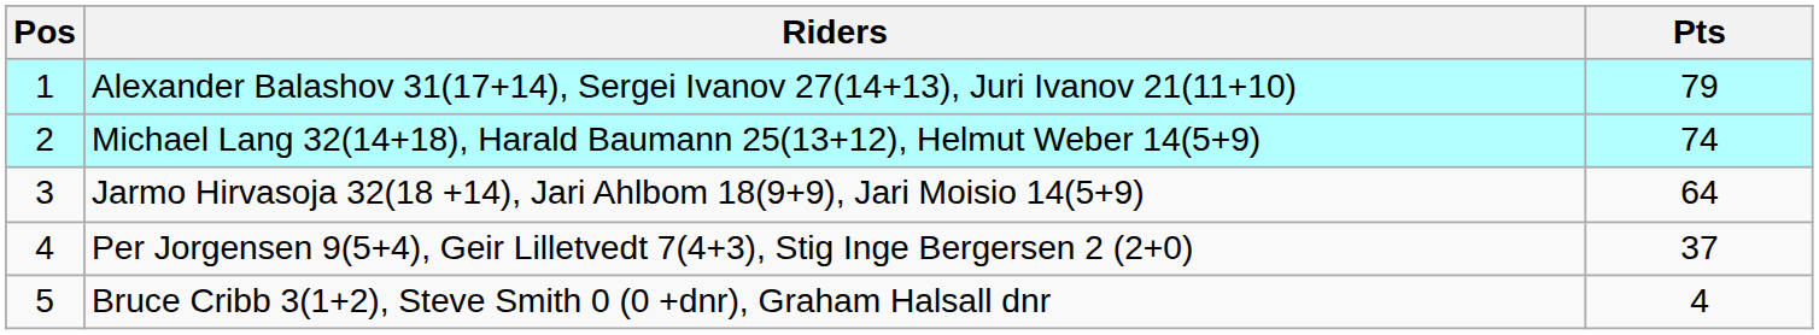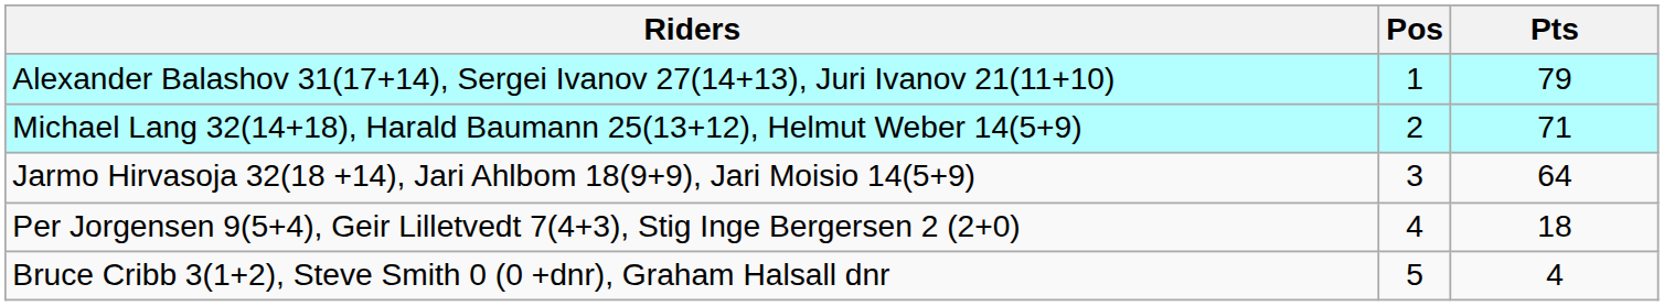 <table class="wikitable" style="font-size: 100%">
 <tr>
+<th width=700>Riders</th>
 <th width=20>Pos</th>
-<th width=700>Riders</th>
 <th width=100>Pts</th>
 </tr>
 <tr align=center style="background-color: #b3ffff;">
+<td align="left"> Alexander Balashov 31(17+14), Sergei Ivanov 27(14+13), Juri Ivanov 21(11+10)</td>
 <td>1</td>
-<td align="left"> Alexander Balashov 31(17+14), Sergei Ivanov 27(14+13), Juri Ivanov 21(11+10)</td>
 <td>79</td>
 </tr>
 <tr align=center style="background-color: #b3ffff;">
+<td align="left"> Michael Lang 32(14+18), Harald Baumann 25(13+12), Helmut Weber 14(5+9)</td>
 <td>2</td>
-<td align="left"> Michael Lang 32(14+18), Harald Baumann 25(13+12), Helmut Weber 14(5+9)</td>
-<td>74</td>
+<td>71</td>
 </tr>
 <tr align=center>
+<td align="left"> Jarmo Hirvasoja 32(18 +14), Jari Ahlbom 18(9+9), Jari Moisio 14(5+9)</td>
 <td>3</td>
-<td align="left"> Jarmo Hirvasoja 32(18 +14), Jari Ahlbom 18(9+9), Jari Moisio 14(5+9)</td>
 <td>64</td>
 </tr>
 <tr align=center>
+<td align="left"> Per Jorgensen 9(5+4), Geir Lilletvedt 7(4+3), Stig Inge Bergersen 2 (2+0)</td>
 <td>4</td>
-<td align="left"> Per Jorgensen 9(5+4), Geir Lilletvedt 7(4+3), Stig Inge Bergersen 2 (2+0)</td>
-<td>37</td>
+<td>18</td>
 </tr>
 <tr align=center>
+<td align="left"> Bruce Cribb 3(1+2), Steve Smith 0 (0 +dnr), Graham Halsall dnr</td>
 <td>5</td>
-<td align="left"> Bruce Cribb 3(1+2), Steve Smith 0 (0 +dnr), Graham Halsall dnr</td>
 <td>4</td>
 </tr>
 </table>
